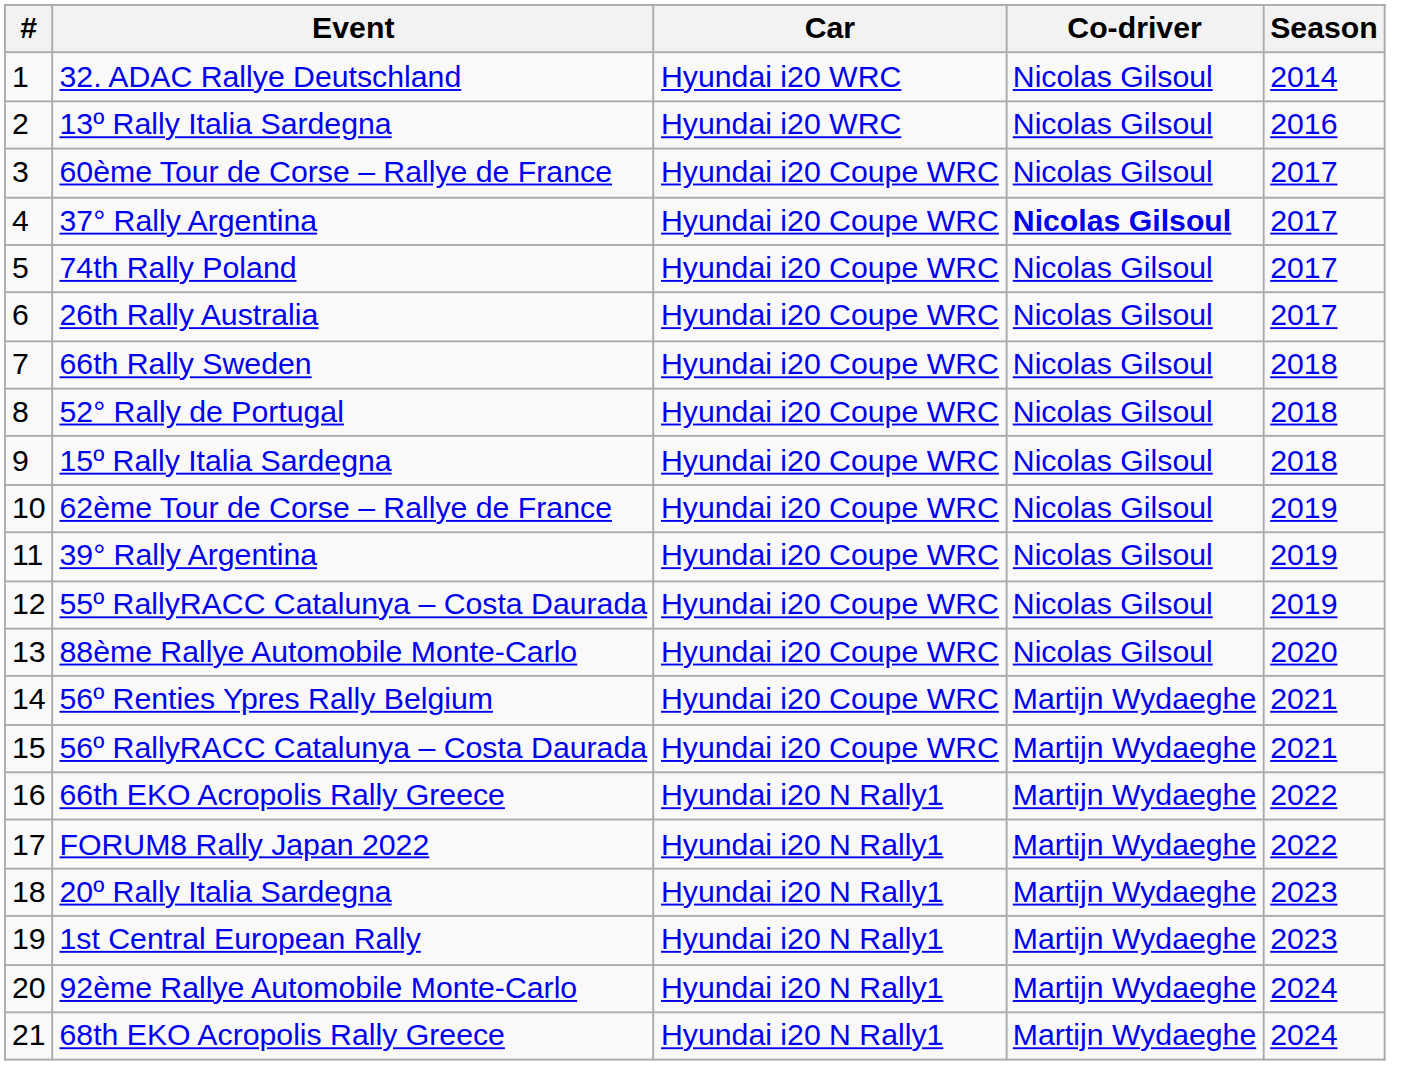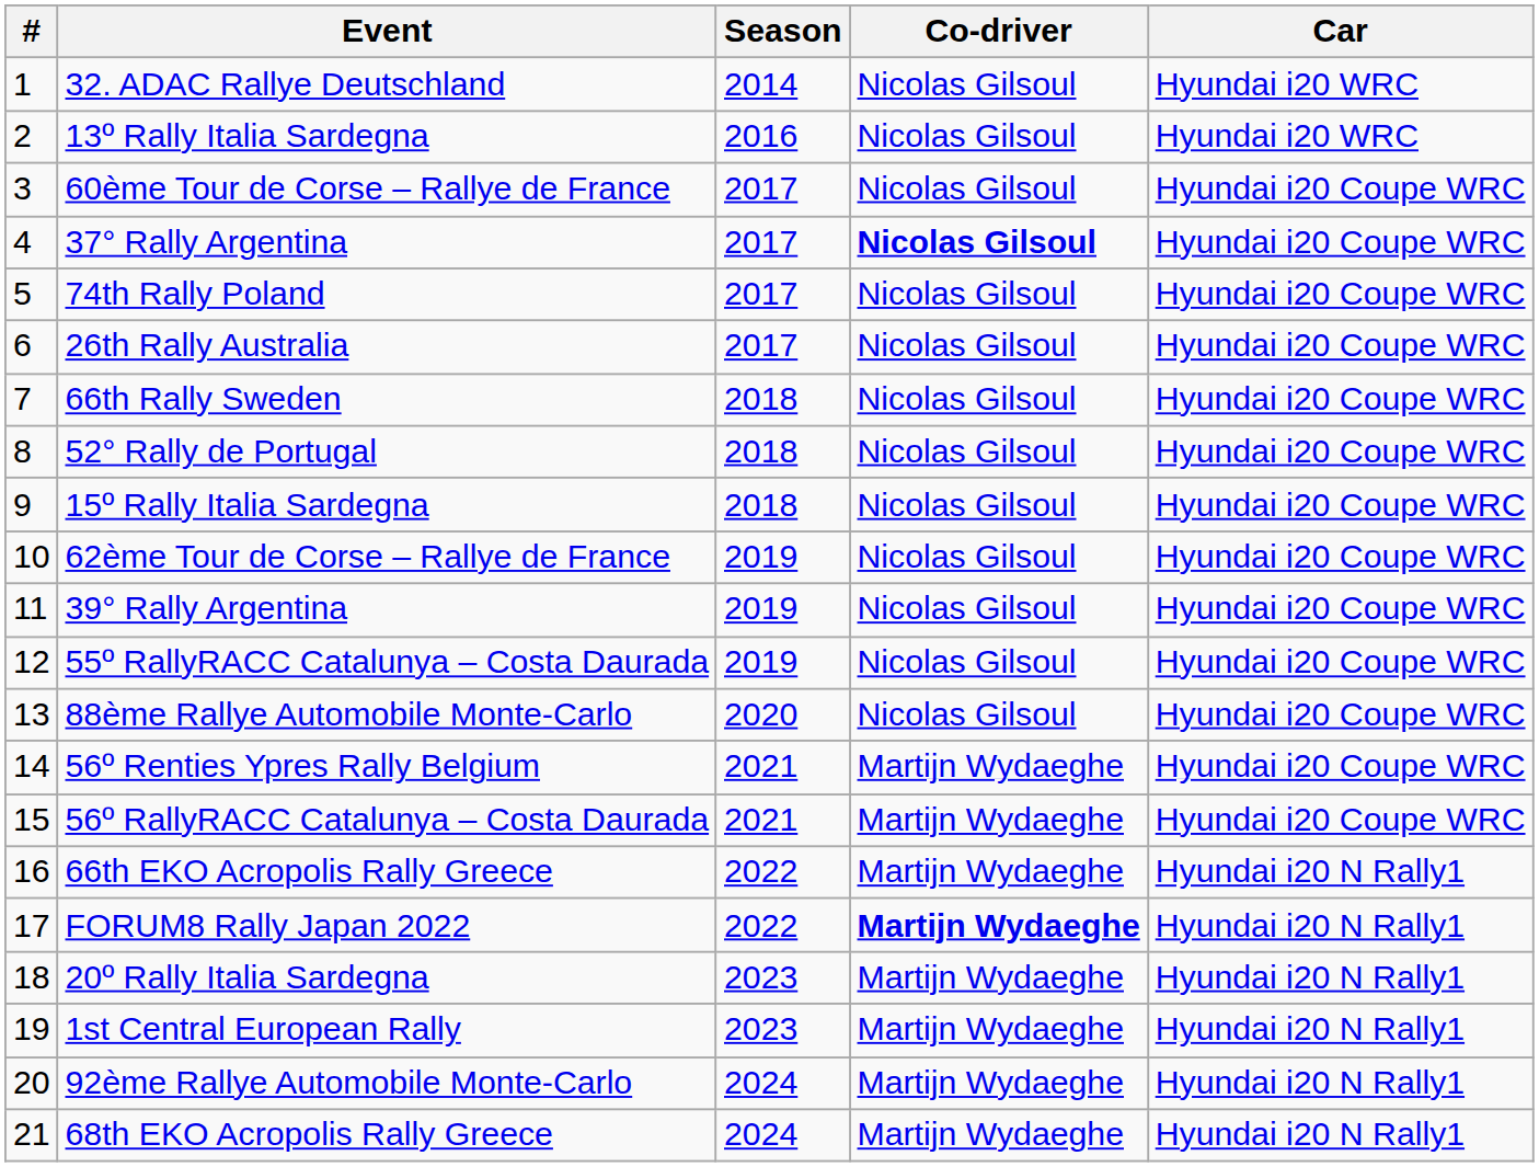 <table class="wikitable">
 <tr>
 <th> # </th>
 <th>Event</th>
+<th>Season</th>
+<th>Co-driver</th>
 <th>Car</th>
-<th>Co-driver</th>
-<th>Season</th>
 </tr>
 <tr>
 <td>1</td>
 <td> <a href='#'>32. ADAC Rallye Deutschland</a></td>
+<td><a href='#'>2014</a></td>
+<td> <a href='#'>Nicolas Gilsoul</a></td>
 <td><a href='#'>Hyundai i20 WRC</a></td>
-<td> <a href='#'>Nicolas Gilsoul</a></td>
-<td><a href='#'>2014</a></td>
 </tr>
 <tr>
 <td>2</td>
 <td> <a href='#'>13º Rally Italia Sardegna</a></td>
+<td><a href='#'>2016</a></td>
+<td> <a href='#'>Nicolas Gilsoul</a></td>
 <td><a href='#'>Hyundai i20 WRC</a></td>
-<td> <a href='#'>Nicolas Gilsoul</a></td>
-<td><a href='#'>2016</a></td>
 </tr>
 <tr>
 <td>3</td>
 <td> <a href='#'>60ème Tour de Corse – Rallye de France</a></td>
+<td><a href='#'>2017</a></td>
+<td> <a href='#'>Nicolas Gilsoul</a></td>
 <td><a href='#'>Hyundai i20 Coupe WRC</a></td>
-<td> <a href='#'>Nicolas Gilsoul</a></td>
-<td><a href='#'>2017</a></td>
 </tr>
 <tr>
 <td>4</td>
 <td> <a href='#'>37° Rally Argentina</a></td>
+<td><a href='#'>2017</a></td>
+<td><strong> <a href='#'>Nicolas Gilsoul</a></strong></td>
 <td><a href='#'>Hyundai i20 Coupe WRC</a></td>
-<td><strong> <a href='#'>Nicolas Gilsoul</a></strong></td>
-<td><a href='#'>2017</a></td>
 </tr>
 <tr>
 <td>5</td>
 <td> <a href='#'>74th Rally Poland</a></td>
+<td><a href='#'>2017</a></td>
+<td> <a href='#'>Nicolas Gilsoul</a></td>
 <td><a href='#'>Hyundai i20 Coupe WRC</a></td>
-<td> <a href='#'>Nicolas Gilsoul</a></td>
-<td><a href='#'>2017</a></td>
 </tr>
 <tr>
 <td>6</td>
 <td> <a href='#'>26th Rally Australia</a></td>
+<td><a href='#'>2017</a></td>
+<td> <a href='#'>Nicolas Gilsoul</a></td>
 <td><a href='#'>Hyundai i20 Coupe WRC</a></td>
-<td> <a href='#'>Nicolas Gilsoul</a></td>
-<td><a href='#'>2017</a></td>
 </tr>
 <tr>
 <td>7</td>
 <td> <a href='#'>66th Rally Sweden</a></td>
+<td><a href='#'>2018</a></td>
+<td> <a href='#'>Nicolas Gilsoul</a></td>
 <td><a href='#'>Hyundai i20 Coupe WRC</a></td>
-<td> <a href='#'>Nicolas Gilsoul</a></td>
-<td><a href='#'>2018</a></td>
 </tr>
 <tr>
 <td>8</td>
 <td> <a href='#'>52° Rally de Portugal</a></td>
+<td><a href='#'>2018</a></td>
+<td> <a href='#'>Nicolas Gilsoul</a></td>
 <td><a href='#'>Hyundai i20 Coupe WRC</a></td>
-<td> <a href='#'>Nicolas Gilsoul</a></td>
-<td><a href='#'>2018</a></td>
 </tr>
 <tr>
 <td>9</td>
 <td> <a href='#'>15º Rally Italia Sardegna</a></td>
+<td><a href='#'>2018</a></td>
+<td> <a href='#'>Nicolas Gilsoul</a></td>
 <td><a href='#'>Hyundai i20 Coupe WRC</a></td>
-<td> <a href='#'>Nicolas Gilsoul</a></td>
-<td><a href='#'>2018</a></td>
 </tr>
 <tr>
 <td>10</td>
 <td> <a href='#'>62ème Tour de Corse – Rallye de France</a></td>
+<td><a href='#'>2019</a></td>
+<td> <a href='#'>Nicolas Gilsoul</a></td>
 <td><a href='#'>Hyundai i20 Coupe WRC</a></td>
-<td> <a href='#'>Nicolas Gilsoul</a></td>
-<td><a href='#'>2019</a></td>
 </tr>
 <tr>
 <td>11</td>
 <td> <a href='#'>39° Rally Argentina</a></td>
+<td><a href='#'>2019</a></td>
+<td> <a href='#'>Nicolas Gilsoul</a></td>
 <td><a href='#'>Hyundai i20 Coupe WRC</a></td>
-<td> <a href='#'>Nicolas Gilsoul</a></td>
-<td><a href='#'>2019</a></td>
 </tr>
 <tr>
 <td>12</td>
 <td> <a href='#'>55º RallyRACC Catalunya – Costa Daurada</a></td>
+<td><a href='#'>2019</a></td>
+<td> <a href='#'>Nicolas Gilsoul</a></td>
 <td><a href='#'>Hyundai i20 Coupe WRC</a></td>
-<td> <a href='#'>Nicolas Gilsoul</a></td>
-<td><a href='#'>2019</a></td>
 </tr>
 <tr>
 <td>13</td>
 <td> <a href='#'>88ème Rallye Automobile Monte-Carlo</a></td>
+<td><a href='#'>2020</a></td>
+<td> <a href='#'>Nicolas Gilsoul</a></td>
 <td><a href='#'>Hyundai i20 Coupe WRC</a></td>
-<td> <a href='#'>Nicolas Gilsoul</a></td>
-<td><a href='#'>2020</a></td>
 </tr>
 <tr>
 <td>14</td>
 <td> <a href='#'>56º Renties Ypres Rally Belgium</a></td>
+<td><a href='#'>2021</a></td>
+<td> <a href='#'>Martijn Wydaeghe</a></td>
 <td><a href='#'>Hyundai i20 Coupe WRC</a></td>
-<td> <a href='#'>Martijn Wydaeghe</a></td>
-<td><a href='#'>2021</a></td>
 </tr>
 <tr>
 <td>15</td>
 <td> <a href='#'>56º RallyRACC Catalunya – Costa Daurada</a></td>
+<td><a href='#'>2021</a></td>
+<td> <a href='#'>Martijn Wydaeghe</a></td>
 <td><a href='#'>Hyundai i20 Coupe WRC</a></td>
-<td> <a href='#'>Martijn Wydaeghe</a></td>
-<td><a href='#'>2021</a></td>
 </tr>
 <tr>
 <td>16</td>
 <td> <a href='#'>66th EKO Acropolis Rally Greece</a></td>
+<td><a href='#'>2022</a></td>
+<td> <a href='#'>Martijn Wydaeghe</a></td>
 <td><a href='#'>Hyundai i20 N Rally1</a></td>
-<td> <a href='#'>Martijn Wydaeghe</a></td>
-<td><a href='#'>2022</a></td>
 </tr>
 <tr>
 <td>17</td>
 <td> <a href='#'>FORUM8 Rally Japan 2022</a></td>
+<td><a href='#'>2022</a></td>
+<td><strong> <a href='#'>Martijn Wydaeghe</a></strong></td>
 <td><a href='#'>Hyundai i20 N Rally1</a></td>
-<td> <a href='#'>Martijn Wydaeghe</a></td>
-<td><a href='#'>2022</a></td>
 </tr>
 <tr>
 <td>18</td>
 <td> <a href='#'>20º Rally Italia Sardegna</a></td>
+<td><a href='#'>2023</a></td>
+<td> <a href='#'>Martijn Wydaeghe</a></td>
 <td><a href='#'>Hyundai i20 N Rally1</a></td>
-<td> <a href='#'>Martijn Wydaeghe</a></td>
-<td><a href='#'>2023</a></td>
 </tr>
 <tr>
 <td>19</td>
 <td> <a href='#'>1st Central European Rally</a></td>
+<td><a href='#'>2023</a></td>
+<td> <a href='#'>Martijn Wydaeghe</a></td>
 <td><a href='#'>Hyundai i20 N Rally1</a></td>
-<td> <a href='#'>Martijn Wydaeghe</a></td>
-<td><a href='#'>2023</a></td>
 </tr>
 <tr>
 <td>20</td>
 <td> <a href='#'>92ème Rallye Automobile Monte-Carlo</a></td>
+<td><a href='#'>2024</a></td>
+<td> <a href='#'>Martijn Wydaeghe</a></td>
 <td><a href='#'>Hyundai i20 N Rally1</a></td>
-<td> <a href='#'>Martijn Wydaeghe</a></td>
-<td><a href='#'>2024</a></td>
 </tr>
 <tr>
 <td>21</td>
 <td> <a href='#'>68th EKO Acropolis Rally Greece</a></td>
+<td><a href='#'>2024</a></td>
+<td> <a href='#'>Martijn Wydaeghe</a></td>
 <td><a href='#'>Hyundai i20 N Rally1</a></td>
-<td> <a href='#'>Martijn Wydaeghe</a></td>
-<td><a href='#'>2024</a></td>
 </tr>
 </table>
